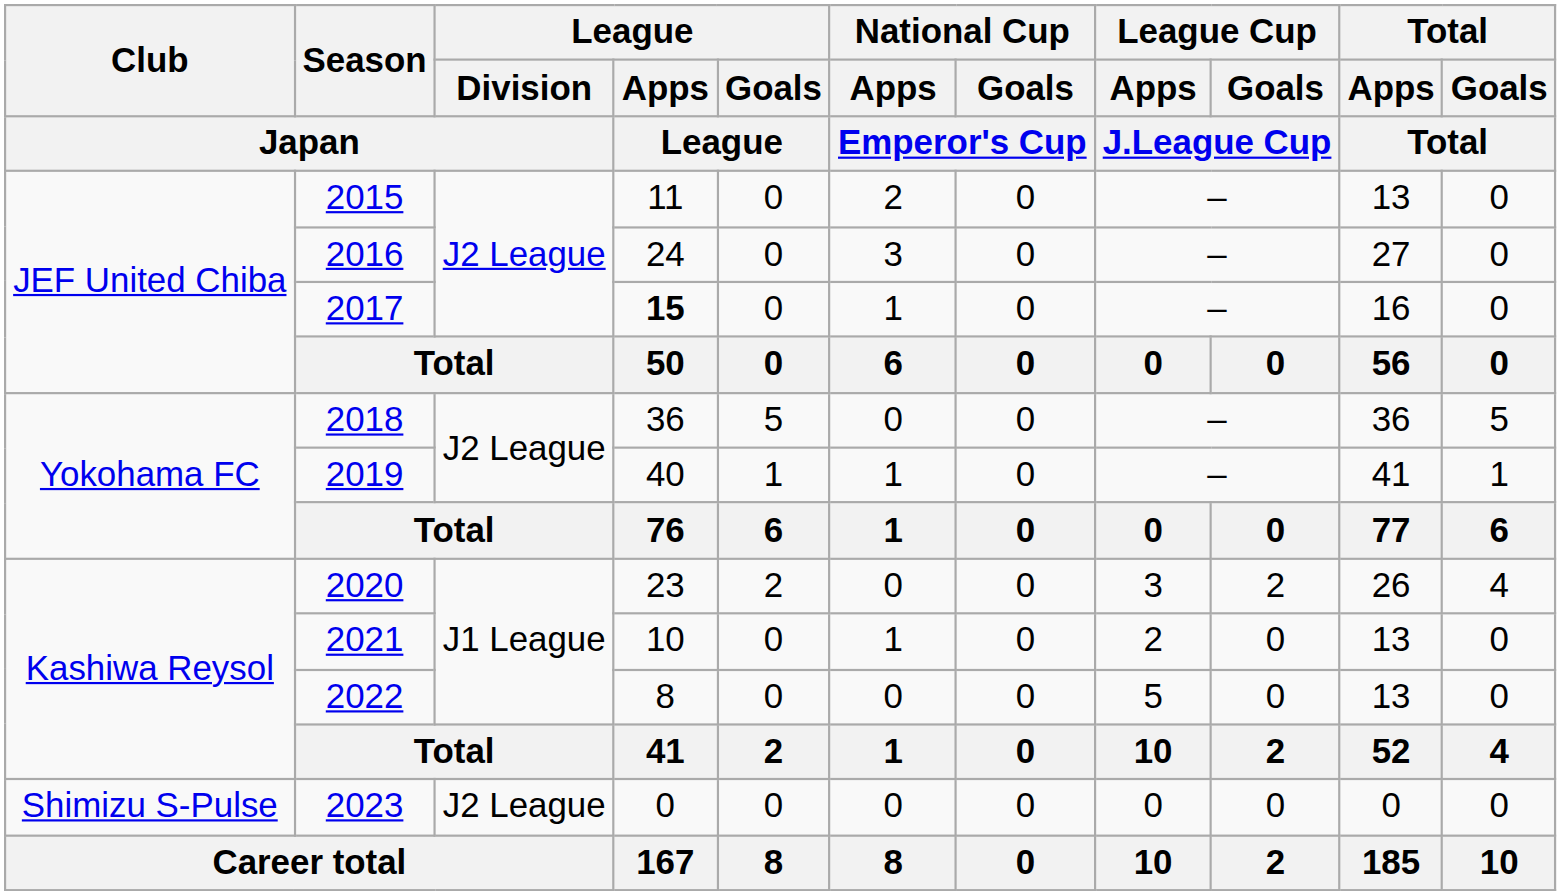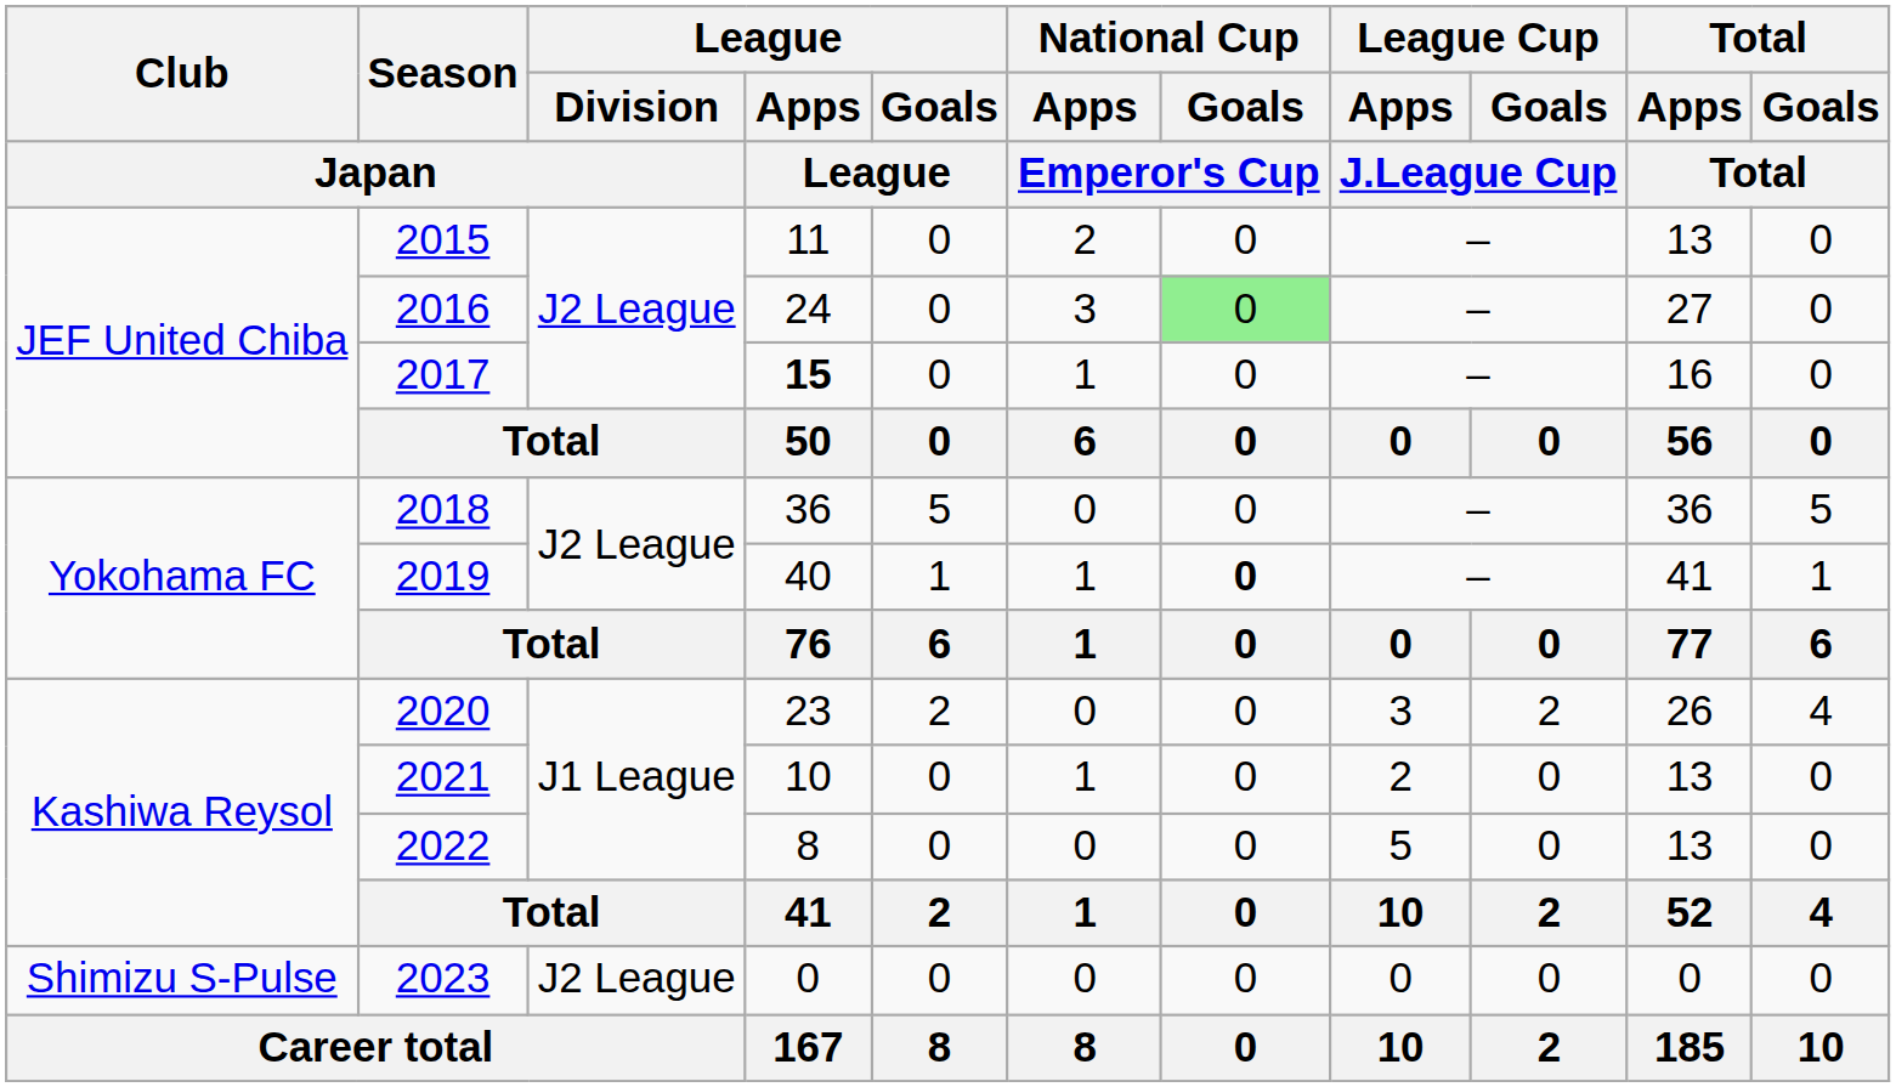 <table class="wikitable" style="text-align: center">
 <tr>
 <th rowspan="2">Club</th>
 <th rowspan="2">Season</th>
 <th colspan="3">League</th>
 <th colspan="2">National Cup</th>
 <th colspan="2">League Cup</th>
 <th colspan="2">Total</th>
 </tr>
 <tr>
 <th>Division</th>
 <th>Apps</th>
 <th>Goals</th>
 <th>Apps</th>
 <th>Goals</th>
 <th>Apps</th>
 <th>Goals</th>
 <th>Apps</th>
 <th>Goals</th>
 </tr>
 <tr>
 <th colspan=3>Japan</th>
 <th colspan=2>League</th>
 <th colspan=2><a href='#'>Emperor's Cup</a></th>
 <th colspan=2><a href='#'>J.League Cup</a></th>
 <th colspan=2>Total</th>
 </tr>
 <tr>
 <td rowspan="4"><a href='#'>JEF United Chiba</a></td>
 <td><a href='#'>2015</a></td>
 <td rowspan="3"><a href='#'>J2 League</a></td>
 <td>11</td>
 <td>0</td>
 <td>2</td>
 <td>0</td>
 <td colspan="2">–</td>
 <td>13</td>
 <td>0</td>
 </tr>
 <tr>
 <td><a href='#'>2016</a></td>
 <td>24</td>
 <td>0</td>
 <td>3</td>
-<td>0</td>
+<td style="background: lightgreen;">0</td>
 <td colspan="2">–</td>
 <td>27</td>
 <td>0</td>
 </tr>
 <tr>
 <td><a href='#'>2017</a></td>
 <td><strong>15</strong></td>
 <td>0</td>
 <td>1</td>
 <td>0</td>
 <td colspan="2">–</td>
 <td>16</td>
 <td>0</td>
 </tr>
 <tr>
 <th colspan="2">Total</th>
 <th>50</th>
 <th>0</th>
 <th>6</th>
 <th>0</th>
 <th>0</th>
 <th>0</th>
 <th>56</th>
 <th>0</th>
 </tr>
 <tr>
 <td rowspan="3"><a href='#'>Yokohama FC</a></td>
 <td><a href='#'>2018</a></td>
 <td rowspan="2">J2 League</td>
 <td>36</td>
 <td>5</td>
 <td>0</td>
 <td>0</td>
 <td colspan="2">–</td>
 <td>36</td>
 <td>5</td>
 </tr>
 <tr>
 <td><a href='#'>2019</a></td>
 <td>40</td>
 <td>1</td>
 <td>1</td>
-<td>0</td>
+<td><strong>0</strong></td>
 <td colspan="2">–</td>
 <td>41</td>
 <td>1</td>
 </tr>
 <tr>
 <th colspan="2">Total</th>
 <th>76</th>
 <th>6</th>
 <th>1</th>
 <th>0</th>
 <th>0</th>
 <th>0</th>
 <th>77</th>
 <th>6</th>
 </tr>
 <tr>
 <td rowspan="4"><a href='#'>Kashiwa Reysol</a></td>
 <td><a href='#'>2020</a></td>
 <td rowspan="3">J1 League</td>
 <td>23</td>
 <td>2</td>
 <td>0</td>
 <td>0</td>
 <td>3</td>
 <td>2</td>
 <td>26</td>
 <td>4</td>
 </tr>
 <tr>
 <td><a href='#'>2021</a></td>
 <td>10</td>
 <td>0</td>
 <td>1</td>
 <td>0</td>
 <td>2</td>
 <td>0</td>
 <td>13</td>
 <td>0</td>
 </tr>
 <tr>
 <td><a href='#'>2022</a></td>
 <td>8</td>
 <td>0</td>
 <td>0</td>
 <td>0</td>
 <td>5</td>
 <td>0</td>
 <td>13</td>
 <td>0</td>
 </tr>
 <tr>
 <th colspan="2">Total</th>
 <th>41</th>
 <th>2</th>
 <th>1</th>
 <th>0</th>
 <th>10</th>
 <th>2</th>
 <th>52</th>
 <th>4</th>
 </tr>
 <tr>
 <td><a href='#'>Shimizu S-Pulse</a></td>
 <td><a href='#'>2023</a></td>
 <td>J2 League</td>
 <td>0</td>
 <td>0</td>
 <td>0</td>
 <td>0</td>
 <td>0</td>
 <td>0</td>
 <td>0</td>
 <td>0</td>
 </tr>
 <tr>
 <th colspan=3>Career total</th>
 <th>167</th>
 <th>8</th>
 <th>8</th>
 <th>0</th>
 <th>10</th>
 <th>2</th>
 <th>185</th>
 <th>10</th>
 </tr>
 </table>
